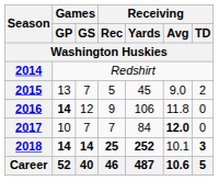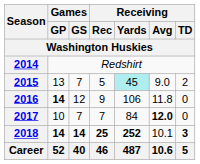 <table class="wikitable sortable" style="text-align:center;">
 <tr>
 <th rowspan="2">Season</th>
 <th colspan="2">Games</th>
 <th colspan="4">Receiving</th>
 </tr>
 <tr>
 <th>GP</th>
 <th>GS</th>
 <th>Rec</th>
 <th>Yards</th>
 <th>Avg</th>
 <th>TD</th>
 </tr>
 <tr>
 <th colspan="8">Washington Huskies</th>
 </tr>
 <tr>
 <th><a href='#'>2014</a></th>
 <td colspan="8"><em>Redshirt </em></td>
 </tr>
 <tr>
 <th><a href='#'>2015</a></th>
 <td>13</td>
 <td>7</td>
 <td>5</td>
-<td>45</td>
+<td style="background: paleturquoise;">45</td>
 <td>9.0</td>
 <td>2</td>
 </tr>
 <tr>
 <th><a href='#'>2016</a></th>
 <td><strong>14</strong></td>
 <td>12</td>
 <td>9</td>
 <td>106</td>
 <td>11.8</td>
 <td>0</td>
 </tr>
 <tr>
 <th><a href='#'>2017</a></th>
 <td>10</td>
 <td>7</td>
 <td>7</td>
 <td>84</td>
 <td><strong>12.0</strong></td>
 <td>0</td>
 </tr>
 <tr>
 <th><a href='#'>2018</a></th>
 <td><strong>14</strong></td>
 <td><strong>14</strong></td>
 <td><strong>25</strong></td>
 <td><strong>252</strong></td>
 <td>10.1</td>
 <td><strong>3</strong></td>
 </tr>
 <tr>
 <th>Career</th>
 <th>52</th>
 <th>40</th>
 <th>46</th>
 <th>487</th>
 <th>10.6</th>
 <th>5</th>
 </tr>
 </table>
